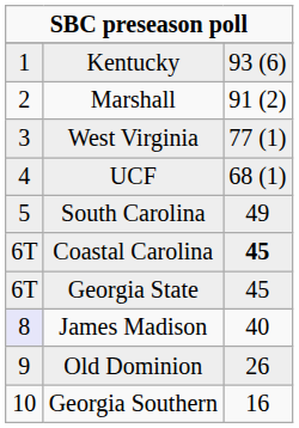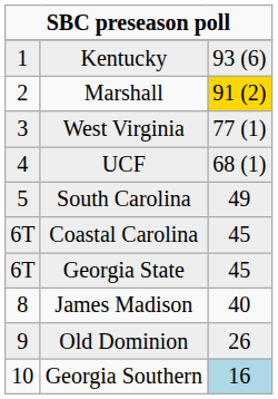 <table class="wikitable" style="display: inline-table;">
 <tr>
 <td align="center" Colspan="3"><strong>SBC preseason poll</strong></td>
 </tr>
 <tr align="center">
 </tr>
 <tr align="center" style="background:#eeeeee;">
 <td>1</td>
 <td>Kentucky</td>
 <td>93 (6)</td>
 </tr>
 <tr align="center">
 <td>2</td>
 <td>Marshall</td>
-<td>91 (2)</td>
+<td style="background: gold;">91 (2)</td>
 </tr>
 <tr align="center" style="background:#eeeeee;">
 <td>3</td>
 <td>West Virginia</td>
 <td>77 (1)</td>
 </tr>
 <tr align="center" style="background:#eeeeee;">
 <td>4</td>
 <td>UCF</td>
 <td>68 (1)</td>
 </tr>
 <tr align="center" style="background:#eeeeee;">
 <td>5</td>
 <td>South Carolina</td>
 <td>49</td>
 </tr>
 <tr align="center" style="background:#eeeeee;">
 <td>6T</td>
 <td>Coastal Carolina</td>
-<td><strong>45</strong></td>
+<td>45</td>
 </tr>
 <tr align="center" style="background:#eeeeee;">
 <td>6T</td>
 <td>Georgia State</td>
 <td>45</td>
 </tr>
 <tr align="center">
-<td style="background: lavender;">8</td>
+<td>8</td>
 <td>James Madison</td>
 <td>40</td>
 </tr>
 <tr align="center" style="background:#eeeeee;">
 <td>9</td>
 <td>Old Dominion</td>
 <td>26</td>
 </tr>
 <tr align="center">
 <td>10</td>
 <td>Georgia Southern</td>
-<td>16</td>
+<td style="background: lightblue;">16</td>
 </tr>
 </table>
